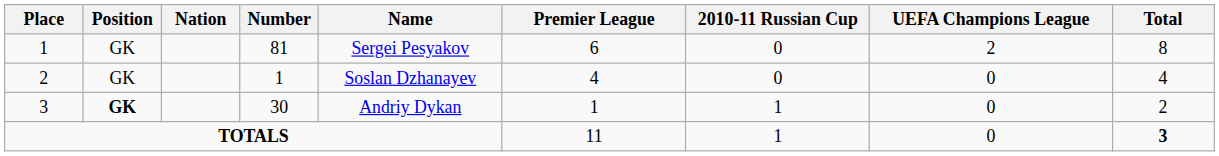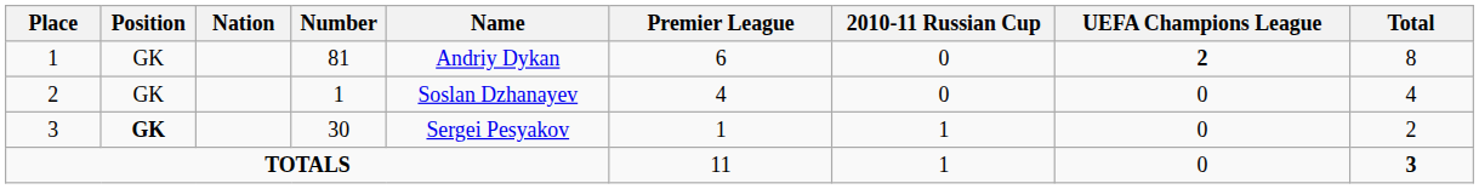 <table class="wikitable" style="font-size: 95%; text-align: center;">
 <tr>
 <th width=60>Place</th>
 <th width=60>Position</th>
 <th width=60>Nation</th>
 <th width=60>Number</th>
 <th width=150>Name</th>
 <th width=150>Premier League</th>
 <th width=150>2010-11 Russian Cup</th>
 <th width=200>UEFA Champions League</th>
 <th width=80>Total</th>
 </tr>
 <tr>
 <td>1</td>
 <td>GK</td>
 <td></td>
 <td>81</td>
-<td><a href='#'>Sergei Pesyakov</a></td>
+<td><a href='#'>Andriy Dykan</a></td>
 <td>6</td>
 <td>0</td>
-<td>2</td>
+<td><strong>2</strong></td>
 <td>8</td>
 </tr>
 <tr>
 <td>2</td>
 <td>GK</td>
 <td></td>
 <td>1</td>
 <td><a href='#'>Soslan Dzhanayev</a></td>
 <td>4</td>
 <td>0</td>
 <td>0</td>
 <td>4</td>
 </tr>
 <tr>
 <td>3</td>
 <td><strong>GK</strong></td>
 <td></td>
 <td>30</td>
-<td><a href='#'>Andriy Dykan</a></td>
+<td><a href='#'>Sergei Pesyakov</a></td>
 <td>1</td>
 <td>1</td>
 <td>0</td>
 <td>2</td>
 </tr>
 <tr>
 <td colspan="5"><strong>TOTALS</strong></td>
 <td>11</td>
 <td>1</td>
 <td>0</td>
 <td><strong>3</strong></td>
 </tr>
 </table>
